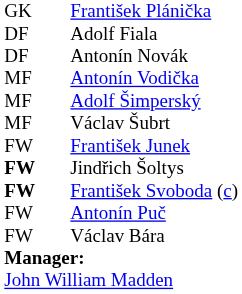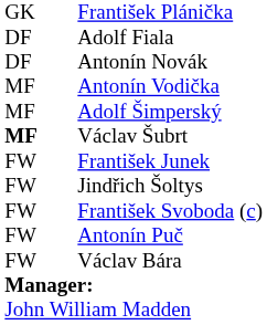 <table style=font-size:90% cellspacing=0 cellpadding=0 align=center>
 <tr>
 <td colspan="4"></td>
 </tr>
 <tr>
 <th width=25></th>
 <th width=25></th>
 </tr>
 <tr>
 <td>GK</td>
 <td></td>
 <td> <a href='#'>František Plánička</a></td>
 </tr>
 <tr>
 <td>DF</td>
 <td></td>
 <td> Adolf Fiala</td>
 </tr>
 <tr>
 <td>DF</td>
 <td></td>
 <td> Antonín Novák</td>
 </tr>
 <tr>
 <td>MF</td>
 <td></td>
 <td> <a href='#'>Antonín Vodička</a></td>
 </tr>
 <tr>
 <td>MF</td>
 <td></td>
 <td> <a href='#'>Adolf Šimperský</a></td>
 </tr>
 <tr>
-<td>MF</td>
+<td><strong>MF</strong></td>
 <td></td>
 <td> Václav Šubrt</td>
 </tr>
 <tr>
 <td>FW</td>
 <td></td>
 <td> <a href='#'>František Junek</a></td>
 </tr>
 <tr>
-<td><strong>FW</strong></td>
+<td>FW</td>
 <td></td>
 <td> Jindřich Šoltys</td>
 </tr>
 <tr>
-<td><strong>FW</strong></td>
+<td>FW</td>
 <td></td>
 <td> <a href='#'>František Svoboda</a> (<a href='#'>c</a>)</td>
 </tr>
 <tr>
 <td>FW</td>
 <td></td>
 <td> <a href='#'>Antonín Puč</a></td>
 </tr>
 <tr>
 <td>FW</td>
 <td></td>
 <td> Václav Bára</td>
 </tr>
 <tr>
 <td colspan=3><strong>Manager:</strong></td>
 </tr>
 <tr>
 <td colspan=4> <a href='#'>John William Madden</a></td>
 </tr>
 </table>
